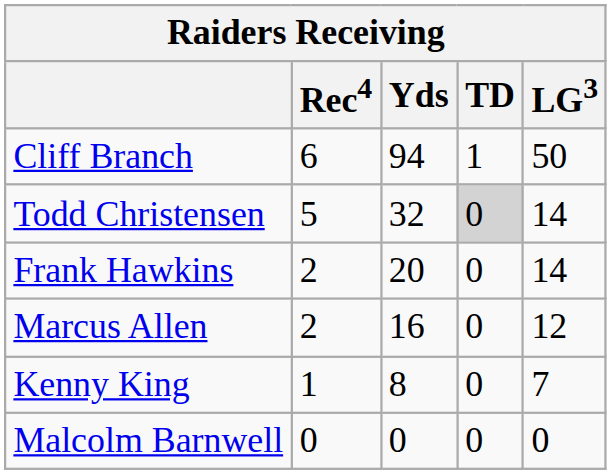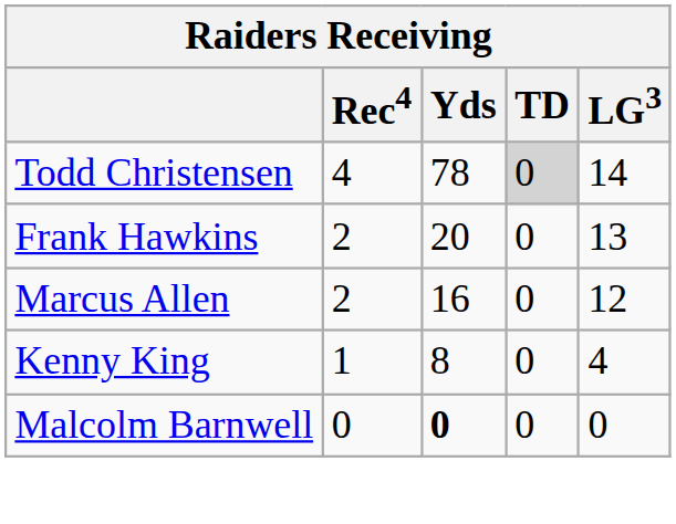 <table class="wikitable">
 <tr>
 <th colspan="5">Raiders Receiving</th>
 </tr>
 <tr>
 <th></th>
 <th>Rec<sup>4</sup></th>
 <th>Yds</th>
 <th>TD</th>
 <th>LG<sup>3</sup></th>
 </tr>
 <tr>
-<td><a href='#'>Cliff Branch</a></td>
-<td>6</td>
-<td>94</td>
-<td>1</td>
-<td>50</td>
-</tr>
-<tr>
 <td><a href='#'>Todd Christensen</a></td>
-<td>5</td>
-<td>32</td>
+<td>4</td>
+<td>78</td>
 <td style="background: lightgrey;">0</td>
 <td>14</td>
 </tr>
 <tr>
 <td><a href='#'>Frank Hawkins</a></td>
 <td>2</td>
 <td>20</td>
 <td>0</td>
-<td>14</td>
+<td>13</td>
 </tr>
 <tr>
 <td><a href='#'>Marcus Allen</a></td>
 <td>2</td>
 <td>16</td>
 <td>0</td>
 <td>12</td>
 </tr>
 <tr>
 <td><a href='#'>Kenny King</a></td>
 <td>1</td>
 <td>8</td>
 <td>0</td>
-<td>7</td>
+<td>4</td>
 </tr>
 <tr>
 <td><a href='#'>Malcolm Barnwell</a></td>
 <td>0</td>
-<td>0</td>
+<td><strong>0</strong></td>
 <td>0</td>
 <td>0</td>
 </tr>
 </table>
